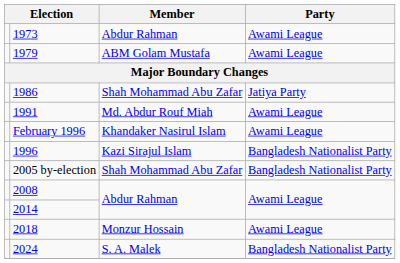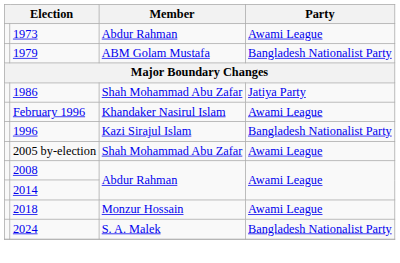 <table class="wikitable">
 <tr>
 <th colspan="2">Election</th>
 <th>Member</th>
 <th>Party</th>
 </tr>
 <tr>
 <td style="background-color:"></td>
 <td><a href='#'>1973</a></td>
 <td><a href='#'>Abdur Rahman</a></td>
 <td><a href='#'>Awami League</a></td>
 </tr>
 <tr>
 <td style="background-color:"></td>
 <td><a href='#'>1979</a></td>
 <td><a href='#'>ABM Golam Mustafa</a></td>
-<td><a href='#'>Awami League</a></td>
+<td><a href='#'>Bangladesh Nationalist Party</a></td>
 </tr>
 <tr>
 <th colspan="4">Major Boundary Changes</th>
 </tr>
 <tr>
 <td style="background-color:"></td>
 <td><a href='#'>1986</a></td>
 <td><a href='#'>Shah Mohammad Abu Zafar</a></td>
 <td><a href='#'>Jatiya Party</a></td>
-</tr>
-<tr>
-<td style="background-color:"></td>
-<td><a href='#'>1991</a></td>
-<td><a href='#'>Md. Abdur Rouf Miah</a></td>
-<td><a href='#'>Awami League</a></td>
 </tr>
 <tr>
 <td></td>
 <td><a href='#'>February 1996</a></td>
 <td><a href='#'>Khandaker Nasirul Islam</a></td>
 <td><a href='#'>Awami League</a></td>
 </tr>
 <tr>
 <td style="background-color:"></td>
 <td><a href='#'>1996</a></td>
 <td><a href='#'>Kazi Sirajul Islam</a></td>
 <td><a href='#'>Bangladesh Nationalist Party</a></td>
 </tr>
 <tr>
 <td style="background-color:"></td>
 <td>2005 by-election</td>
 <td><a href='#'>Shah Mohammad Abu Zafar</a></td>
-<td><a href='#'>Bangladesh Nationalist Party</a></td>
+<td><a href='#'>Awami League</a></td>
 </tr>
 <tr>
 <td style="background-color:"></td>
 <td><a href='#'>2008</a></td>
 <td rowspan="2"><a href='#'>Abdur Rahman</a></td>
 <td rowspan="2"><a href='#'>Awami League</a></td>
 </tr>
 <tr>
 <td style="background-color:"></td>
 <td><a href='#'>2014</a></td>
 </tr>
 <tr>
 <td style="background-color:"></td>
 <td><a href='#'>2018</a></td>
 <td><a href='#'>Monzur Hossain</a></td>
 <td><a href='#'>Awami League</a></td>
 </tr>
 <tr>
 <td style="background-color:"></td>
 <td><a href='#'>2024</a></td>
 <td><a href='#'>S. A. Malek</a></td>
 <td><a href='#'>Bangladesh Nationalist Party</a></td>
 </tr>
 <tr>
 </tr>
 </table>
